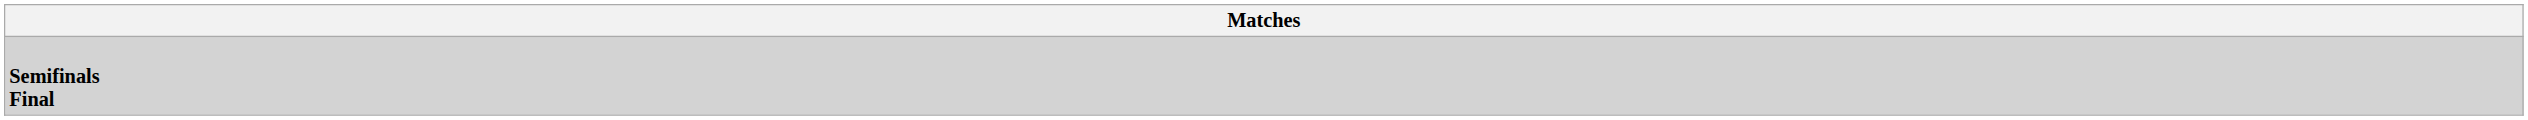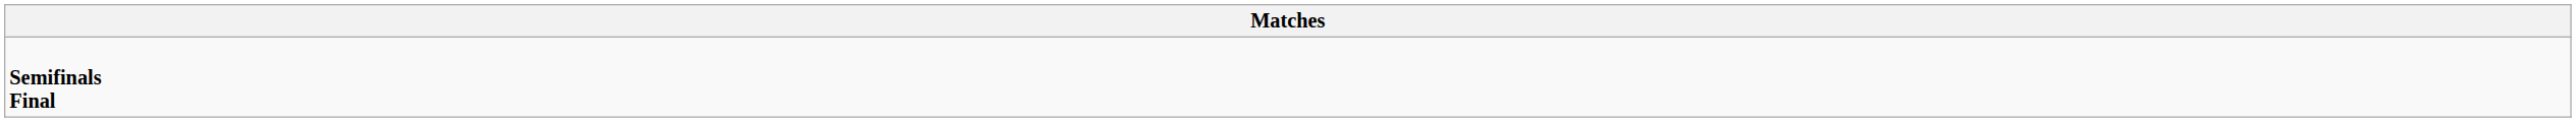 <table class="wikitable collapsible collapsed" style="width:100%;">
 <tr>
 <th>Matches</th>
 </tr>
 <tr>
-<td style="background: lightgrey;"><br><strong>Semifinals</strong>  <br><strong>Final</strong> </td>
+<td><br><strong>Semifinals</strong>  <br><strong>Final</strong> </td>
 </tr>
 </table>
